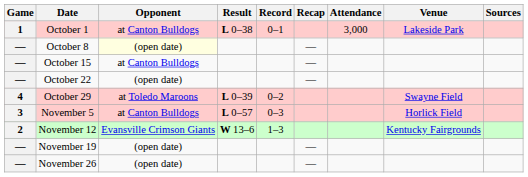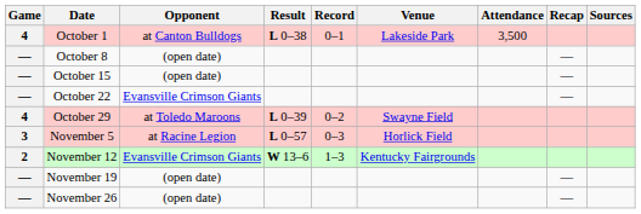 <table class="wikitable" style="text-align:center">
 <tr>
 <th>Game</th>
 <th>Date</th>
 <th>Opponent</th>
 <th>Result</th>
 <th>Record</th>
+<th>Venue</th>
+<th>Attendance</th>
 <th>Recap</th>
-<th>Attendance</th>
-<th>Venue</th>
 <th>Sources</th>
 </tr>
 <tr style="background:#fcc">
-<th>1</th>
+<th>4</th>
 <td>October 1</td>
 <td>at <a href='#'>Canton Bulldogs</a></td>
 <td><strong>L</strong> 0–38</td>
 <td>0–1</td>
+<td><a href='#'>Lakeside Park</a></td>
+<td>3,500</td>
 <td></td>
-<td>3,000</td>
-<td><a href='#'>Lakeside Park</a></td>
 <td></td>
 </tr>
 <tr>
 <th>—</th>
 <td>October 8</td>
-<td style="background: lightyellow;">(open date)</td>
+<td>(open date)</td>
+<td></td>
+<td></td>
 <td></td>
 <td></td>
 <td>—</td>
-<td></td>
-<td></td>
 <td></td>
 </tr>
 <tr>
 <th>—</th>
 <td>October 15</td>
-<td>at <a href='#'>Canton Bulldogs</a></td>
+<td>(open date)</td>
+<td></td>
+<td></td>
 <td></td>
 <td></td>
 <td>—</td>
-<td></td>
-<td></td>
 <td></td>
 </tr>
 <tr>
 <th>—</th>
 <td>October 22</td>
-<td>(open date)</td>
+<td><a href='#'>Evansville Crimson Giants</a></td>
+<td></td>
+<td></td>
 <td></td>
 <td></td>
 <td>—</td>
-<td></td>
-<td></td>
 <td></td>
 </tr>
 <tr style="background:#fcc">
 <th>4</th>
 <td>October 29</td>
 <td>at <a href='#'>Toledo Maroons</a></td>
 <td><strong>L</strong> 0–39</td>
 <td>0–2</td>
+<td><a href='#'>Swayne Field</a></td>
 <td></td>
 <td></td>
-<td><a href='#'>Swayne Field</a></td>
 <td></td>
 </tr>
 <tr style="background:#fcc">
 <th>3</th>
 <td>November 5</td>
-<td>at <a href='#'>Canton Bulldogs</a></td>
+<td>at <a href='#'>Racine Legion</a></td>
 <td><strong>L</strong> 0–57</td>
 <td>0–3</td>
+<td><a href='#'>Horlick Field</a></td>
 <td></td>
 <td></td>
-<td><a href='#'>Horlick Field</a></td>
 <td></td>
 </tr>
 <tr style="background:#cfc">
 <th>2</th>
 <td>November 12</td>
 <td><a href='#'>Evansville Crimson Giants</a></td>
 <td><strong>W</strong> 13–6</td>
 <td>1–3</td>
+<td><a href='#'>Kentucky Fairgrounds</a></td>
 <td></td>
 <td></td>
-<td><a href='#'>Kentucky Fairgrounds</a></td>
 <td></td>
 </tr>
 <tr>
 <th>—</th>
 <td>November 19</td>
 <td>(open date)</td>
 <td></td>
 <td></td>
-<td>—</td>
 <td></td>
 <td></td>
+<td>—</td>
 <td></td>
 </tr>
 <tr>
 <th>—</th>
 <td>November 26</td>
 <td>(open date)</td>
 <td></td>
 <td></td>
-<td>—</td>
 <td></td>
 <td></td>
+<td>—</td>
 <td></td>
 </tr>
 </table>
